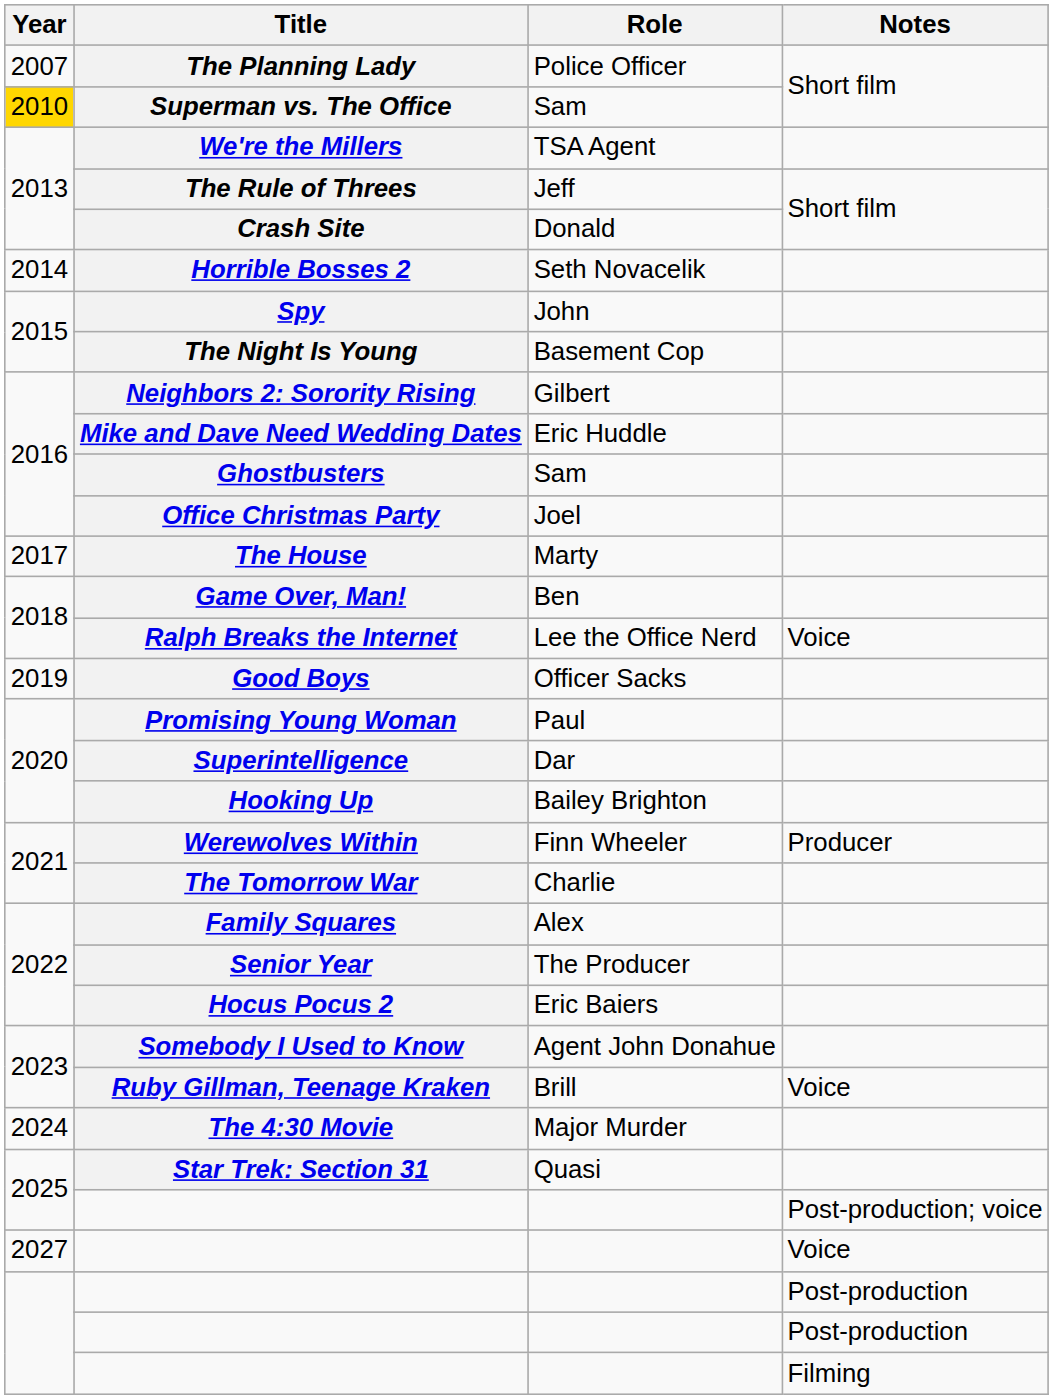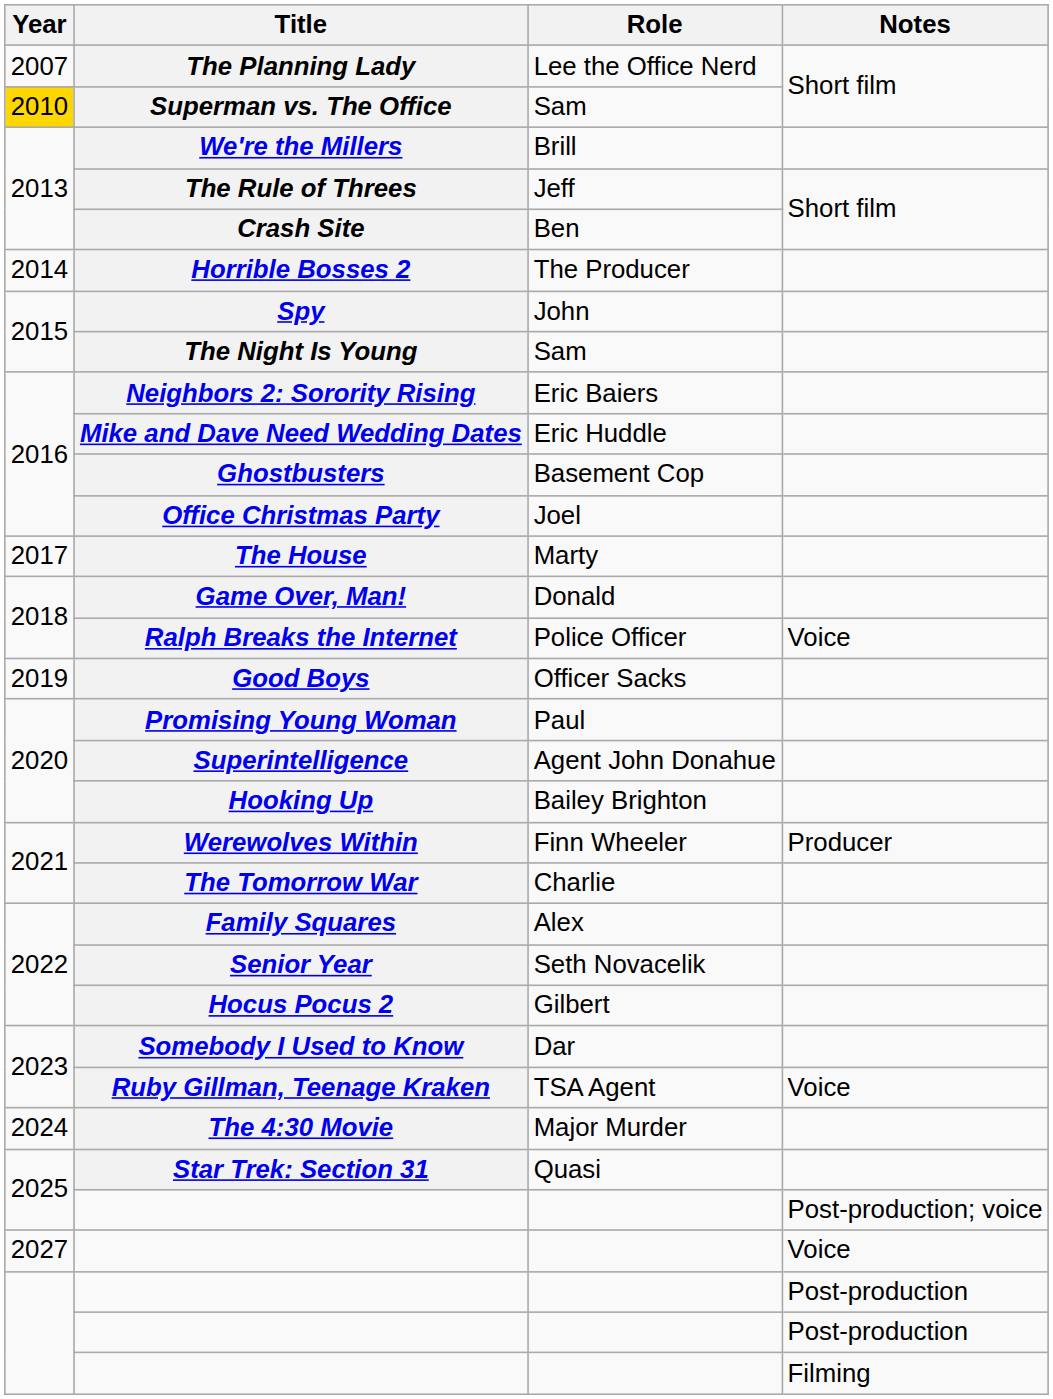 <table class="wikitable plainrowheaders sortable">
 <tr>
 <th scope="col">Year</th>
 <th scope="col">Title</th>
 <th scope="col" class="unsortable">Role</th>
 <th scope="col" class="unsortable">Notes</th>
 </tr>
 <tr>
 <td>2007</td>
 <th scope="row"><em>The Planning Lady</em></th>
-<td>Police Officer</td>
+<td>Lee the Office Nerd</td>
 <td rowspan=2>Short film</td>
 </tr>
 <tr>
 <td style="background: gold;">2010</td>
 <th scope="row"><em>Superman vs. The Office</em></th>
 <td>Sam</td>
 </tr>
 <tr>
 <td rowspan="3">2013</td>
 <th scope="row"><em><a href='#'>We're the Millers</a></em></th>
-<td>TSA Agent</td>
+<td>Brill</td>
 <td></td>
 </tr>
 <tr>
 <th scope="row"><em>The Rule of Threes</em></th>
 <td>Jeff</td>
 <td rowspan=2>Short film</td>
 </tr>
 <tr>
 <th scope="row"><em>Crash Site</em></th>
-<td>Donald</td>
+<td>Ben</td>
 </tr>
 <tr>
 <td>2014</td>
 <th scope="row"><em><a href='#'>Horrible Bosses 2</a></em></th>
-<td>Seth Novacelik</td>
+<td>The Producer</td>
 <td></td>
 </tr>
 <tr>
 <td rowspan="2">2015</td>
 <th scope="row"><em><a href='#'>Spy</a></em></th>
 <td>John</td>
 <td></td>
 </tr>
 <tr>
 <th scope="row"><em>The Night Is Young</em></th>
-<td>Basement Cop</td>
+<td>Sam</td>
 <td></td>
 </tr>
 <tr>
 <td rowspan="4">2016</td>
 <th scope="row"><em><a href='#'>Neighbors 2: Sorority Rising</a></em></th>
-<td>Gilbert</td>
+<td>Eric Baiers</td>
 <td></td>
 </tr>
 <tr>
 <th scope="row"><em><a href='#'>Mike and Dave Need Wedding Dates</a></em></th>
 <td>Eric Huddle</td>
 <td></td>
 </tr>
 <tr>
 <th scope="row"><em><a href='#'>Ghostbusters</a></em></th>
-<td>Sam</td>
+<td>Basement Cop</td>
 <td></td>
 </tr>
 <tr>
 <th scope="row"><em><a href='#'>Office Christmas Party</a></em></th>
 <td>Joel</td>
 <td></td>
 </tr>
 <tr>
 <td>2017</td>
 <th scope="row"><em><a href='#'>The House</a></em></th>
 <td>Marty</td>
 <td></td>
 </tr>
 <tr>
 <td rowspan="2">2018</td>
 <th scope="row"><em><a href='#'>Game Over, Man!</a></em></th>
-<td>Ben</td>
+<td>Donald</td>
 <td></td>
 </tr>
 <tr>
 <th scope="row"><em><a href='#'>Ralph Breaks the Internet</a></em></th>
-<td>Lee the Office Nerd</td>
+<td>Police Officer</td>
 <td>Voice</td>
 </tr>
 <tr>
 <td>2019</td>
 <th scope="row"><em><a href='#'>Good Boys</a></em></th>
 <td>Officer Sacks</td>
 <td></td>
 </tr>
 <tr>
 <td rowspan="3">2020</td>
 <th scope="row"><em><a href='#'>Promising Young Woman</a></em></th>
 <td>Paul</td>
 <td></td>
 </tr>
 <tr>
 <th scope="row"><em><a href='#'>Superintelligence</a></em></th>
-<td>Dar</td>
+<td>Agent John Donahue</td>
 <td></td>
 </tr>
 <tr>
 <th scope="row"><em><a href='#'>Hooking Up</a></em></th>
 <td>Bailey Brighton</td>
 <td></td>
 </tr>
 <tr>
 <td rowspan="2">2021</td>
 <th scope="row"><em><a href='#'>Werewolves Within</a></em></th>
 <td>Finn Wheeler</td>
 <td>Producer</td>
 </tr>
 <tr>
 <th scope="row"><em><a href='#'>The Tomorrow War</a></em></th>
 <td>Charlie</td>
 <td></td>
 </tr>
 <tr>
 <td rowspan="3">2022</td>
 <th scope="row"><em><a href='#'>Family Squares</a></em></th>
 <td>Alex</td>
 <td></td>
 </tr>
 <tr>
 <th scope="row"><em><a href='#'>Senior Year</a></em></th>
-<td>The Producer</td>
+<td>Seth Novacelik</td>
 <td></td>
 </tr>
 <tr>
 <th scope="row"><em><a href='#'>Hocus Pocus 2</a></em></th>
-<td>Eric Baiers</td>
+<td>Gilbert</td>
 <td></td>
 </tr>
 <tr>
 <td rowspan="2">2023</td>
 <th scope="row"><em><a href='#'>Somebody I Used to Know</a></em></th>
-<td>Agent John Donahue</td>
+<td>Dar</td>
 <td></td>
 </tr>
 <tr>
 <th scope="row"><em><a href='#'>Ruby Gillman, Teenage Kraken</a></em></th>
-<td>Brill</td>
+<td>TSA Agent</td>
 <td>Voice</td>
 </tr>
 <tr>
 <td>2024</td>
 <th scope="row"><em><a href='#'>The 4:30 Movie</a></em></th>
 <td>Major Murder</td>
 <td></td>
 </tr>
 <tr>
 <td rowspan="2">2025</td>
 <th scope="row"><em><a href='#'>Star Trek: Section 31</a></em></th>
 <td>Quasi</td>
 <td></td>
 </tr>
 <tr>
 <td></td>
 <td></td>
 <td>Post-production; voice</td>
 </tr>
 <tr>
 <td>2027</td>
 <td></td>
 <td></td>
 <td>Voice</td>
 </tr>
 <tr>
 <td rowspan="3"></td>
 <td></td>
 <td></td>
 <td>Post-production</td>
 </tr>
 <tr>
 <td></td>
 <td></td>
 <td>Post-production</td>
 </tr>
 <tr>
 <td></td>
 <td></td>
 <td>Filming</td>
 </tr>
 </table>
